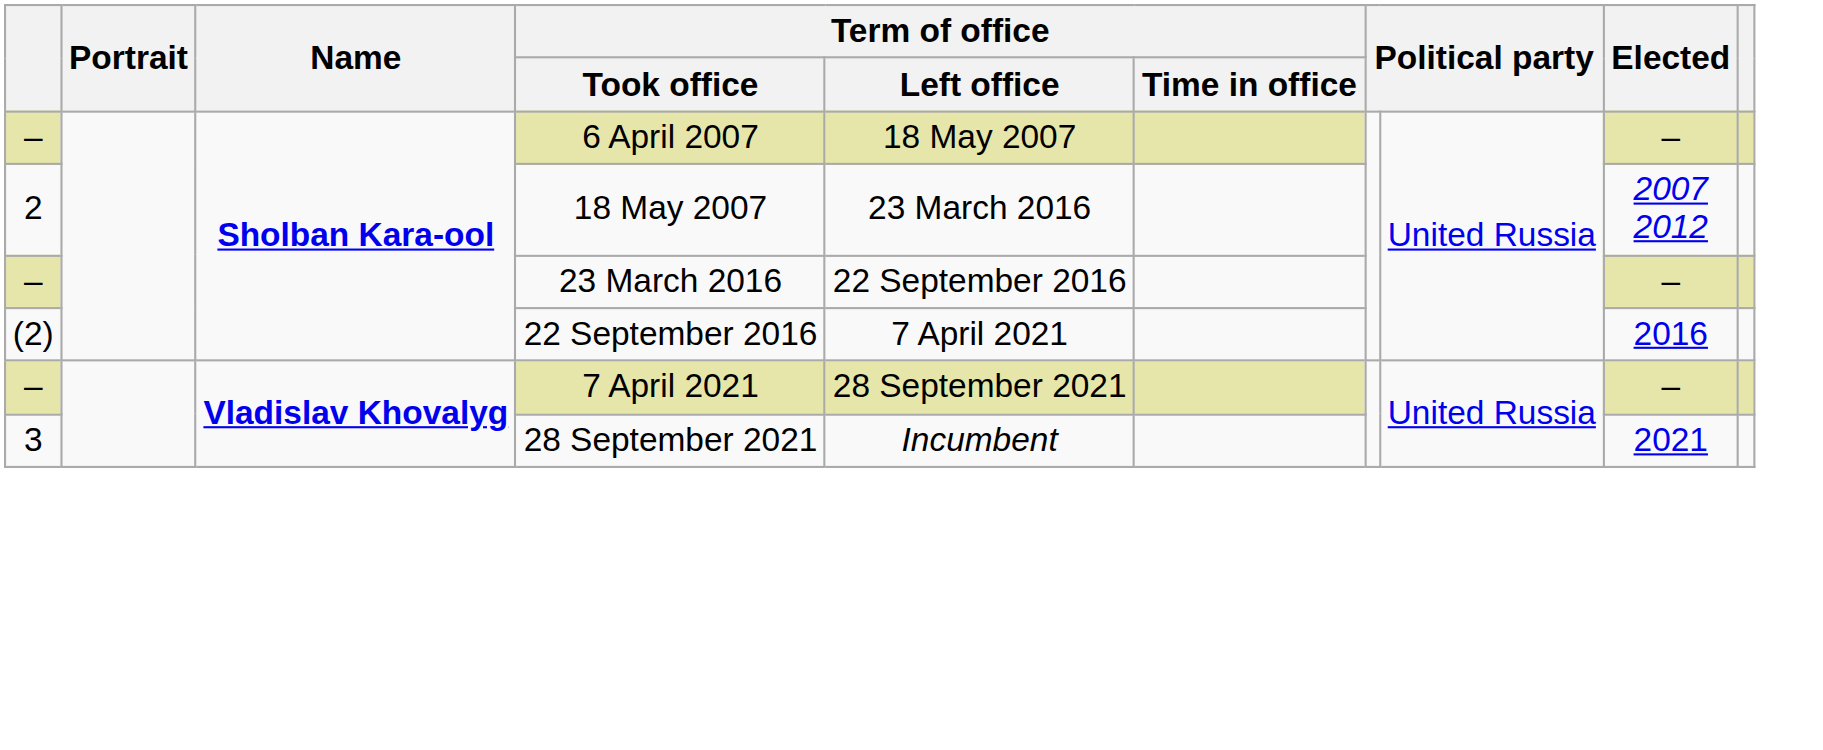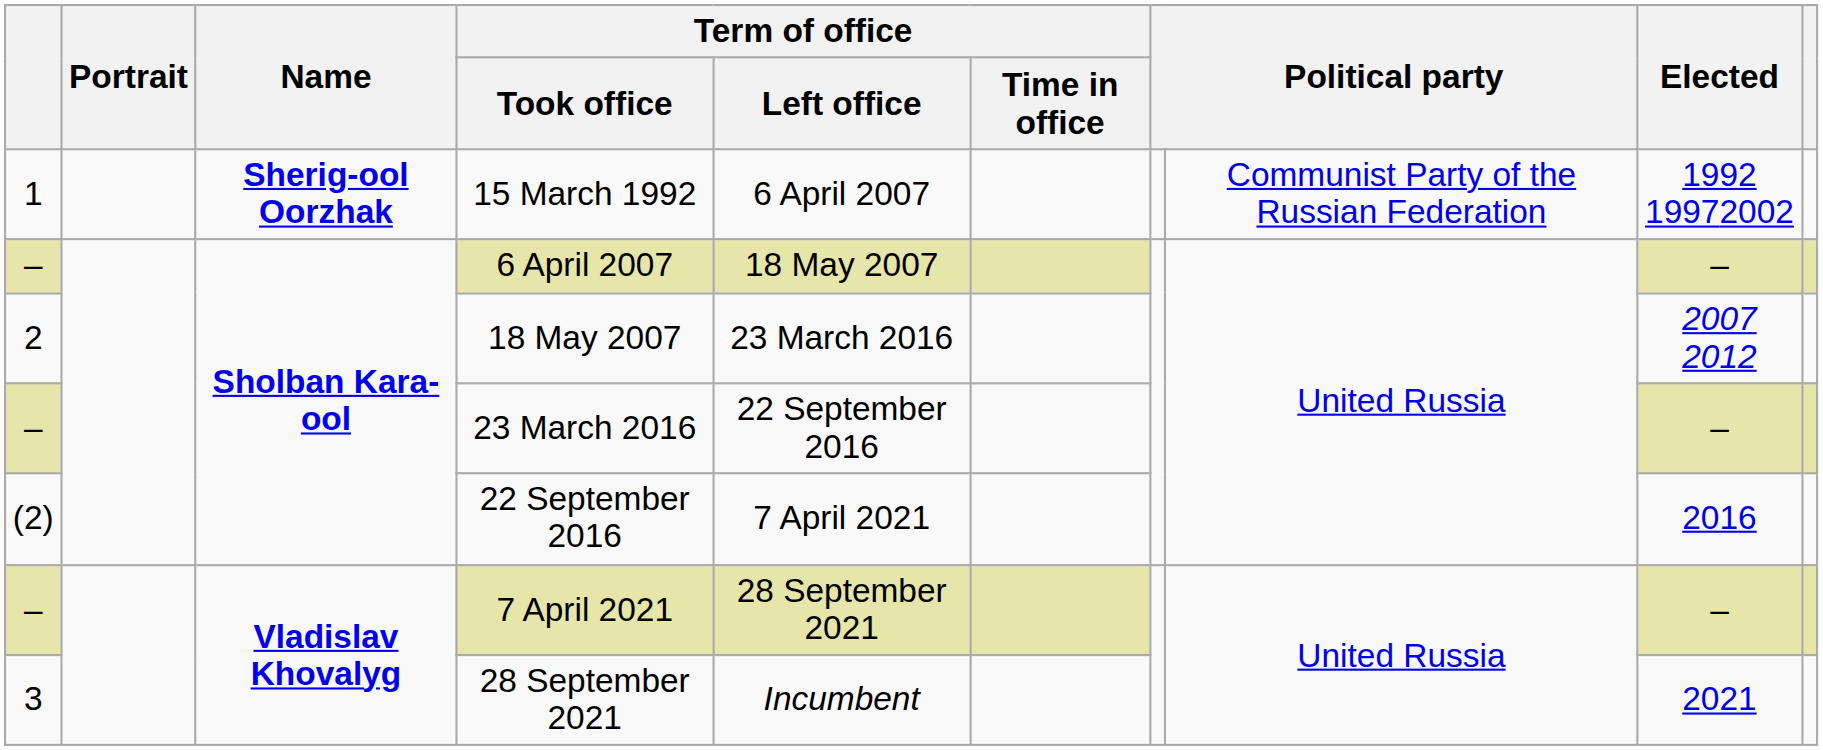 <table class="wikitable" style="text-align:center">
 <tr>
 <th rowspan=2></th>
 <th rowspan=2>Portrait</th>
 <th rowspan=2>Name<br></th>
 <th colspan=3>Term of office</th>
 <th colspan=2 rowspan=2>Political party</th>
 <th rowspan=2>Elected</th>
 <th rowspan=2></th>
 </tr>
 <tr>
 <th>Took office</th>
 <th>Left office</th>
 <th>Time in office</th>
+</tr>
+<tr>
+<td>1</td>
+<td></td>
+<td><strong><a href='#'>Sherig-ool Oorzhak</a></strong><br></td>
+<td>15 March 1992</td>
+<td>6 April 2007</td>
+<td></td>
+<td style="background:"></td>
+<td><a href='#'>Communist Party of the Russian Federation</a></td>
+<td><a href='#'>1992</a><br><a href='#'>1997</a><a href='#'>2002</a></td>
+<td></td>
 </tr>
 <tr>
 <td style="background:#e6e6aa;">–</td>
 <td rowspan=4></td>
 <td rowspan=4><strong><a href='#'>Sholban Kara-ool</a></strong><br></td>
 <td style="background:#e6e6aa;">6 April 2007</td>
 <td style="background:#e6e6aa;">18 May 2007</td>
 <td style="background:#e6e6aa;"></td>
 <td rowspan=4; style="background:"></td>
 <td rowspan=4><a href='#'>United Russia</a></td>
 <td style="background:#e6e6aa;">–</td>
 <td style="background:#e6e6aa;"></td>
 </tr>
 <tr>
 <td>2</td>
 <td>18 May 2007</td>
 <td>23 March 2016</td>
 <td></td>
 <td><em><a href='#'>2007</a></em><br><em><a href='#'>2012</a></em></td>
 <td></td>
 </tr>
 <tr>
 <td style="background:#e6e6aa;">–</td>
 <td>23 March 2016</td>
 <td>22 September 2016</td>
 <td></td>
 <td style="background:#e6e6aa;">–</td>
 <td style="background:#e6e6aa;"></td>
 </tr>
 <tr>
 <td>(2)</td>
 <td>22 September 2016</td>
 <td>7 April 2021</td>
 <td></td>
 <td><a href='#'>2016</a></td>
 <td></td>
 </tr>
 <tr>
 <td style="background:#e6e6aa;">–</td>
 <td rowspan=2></td>
 <td rowspan=2><strong><a href='#'>Vladislav Khovalyg</a></strong><br></td>
 <td style="background:#e6e6aa;">7 April 2021</td>
 <td style="background:#e6e6aa;">28 September 2021</td>
 <td style="background:#e6e6aa;"></td>
 <td rowspan=2; style="background:"></td>
 <td rowspan=2><a href='#'>United Russia</a></td>
 <td style="background:#e6e6aa;">–</td>
 <td style="background:#e6e6aa;"></td>
 </tr>
 <tr>
 <td>3</td>
 <td>28 September 2021</td>
 <td><em>Incumbent</em></td>
 <td></td>
 <td><a href='#'>2021</a></td>
 <td></td>
 </tr>
 </table>
